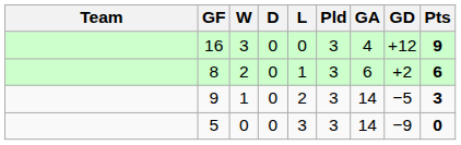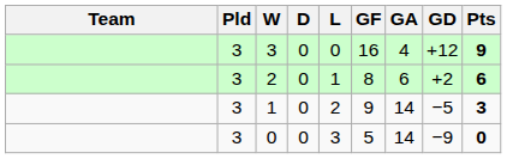 <table class="wikitable" style="text-align: center;">
 <tr>
 <th width="175">Team</th>
-<th width="20">GF</th>
+<th width="20">Pld</th>
 <th width="20">W</th>
 <th width="20">D</th>
 <th width="20">L</th>
-<th width="20">Pld</th>
+<th width="20">GF</th>
 <th width="20">GA</th>
 <th width="20">GD</th>
 <th width="20">Pts</th>
 </tr>
 <tr bgcolor="#ccffcc">
 <td align="left"></td>
-<td>16</td>
+<td>3</td>
 <td>3</td>
 <td>0</td>
 <td>0</td>
-<td>3</td>
+<td>16</td>
 <td>4</td>
 <td>+12</td>
 <td><strong>9</strong></td>
 </tr>
 <tr bgcolor="#ccffcc">
 <td align="left"></td>
-<td>8</td>
+<td>3</td>
 <td>2</td>
 <td>0</td>
 <td>1</td>
-<td>3</td>
+<td>8</td>
 <td>6</td>
 <td>+2</td>
 <td><strong>6</strong></td>
 </tr>
 <tr>
 <td align="left"></td>
-<td>9</td>
+<td>3</td>
 <td>1</td>
 <td>0</td>
 <td>2</td>
-<td>3</td>
+<td>9</td>
 <td>14</td>
 <td>−5</td>
 <td><strong>3</strong></td>
 </tr>
 <tr>
 <td align="left"></td>
-<td>5</td>
+<td>3</td>
 <td>0</td>
 <td>0</td>
 <td>3</td>
-<td>3</td>
+<td>5</td>
 <td>14</td>
 <td>−9</td>
 <td><strong>0</strong></td>
 </tr>
 </table>
